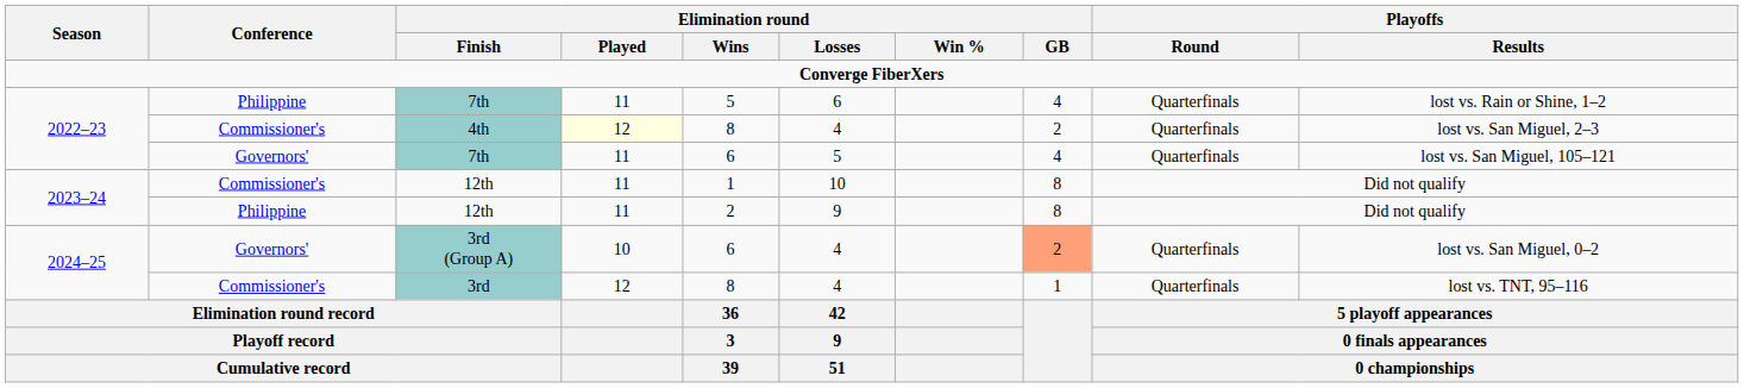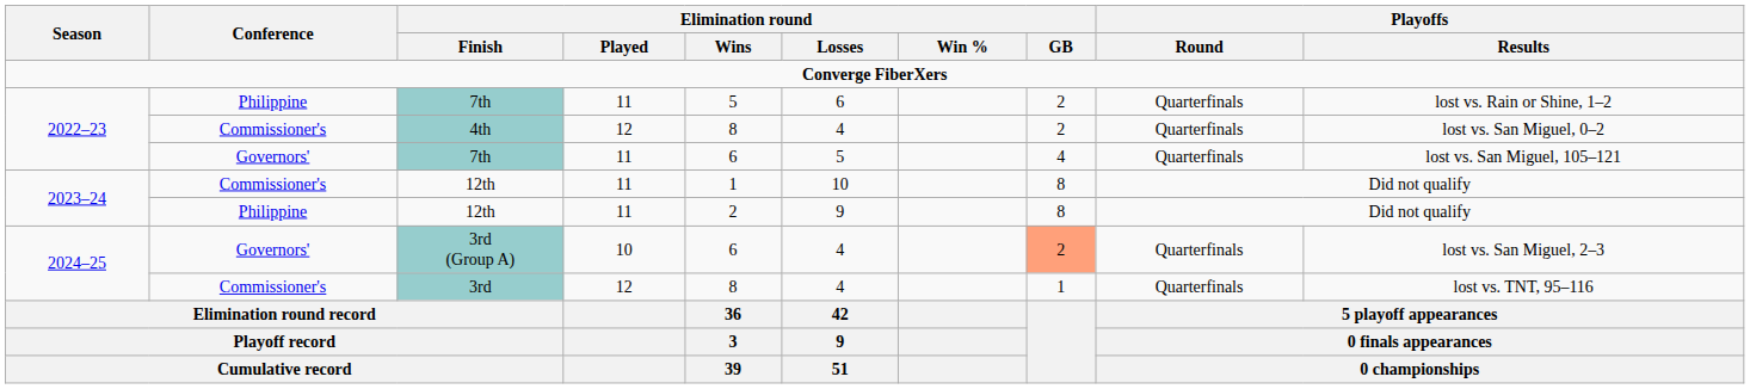 <table class="wikitable" style="width:100%; text-align:center; font-size:95%">
 <tr>
 <th rowspan=2>Season</th>
 <th rowspan=2>Conference</th>
 <th colspan=6>Elimination round</th>
 <th colspan=2>Playoffs</th>
 </tr>
 <tr>
 <th>Finish</th>
 <th>Played</th>
 <th>Wins</th>
 <th>Losses</th>
 <th>Win %</th>
 <th>GB</th>
 <th>Round</th>
 <th>Results</th>
 </tr>
 <tr>
 <td align="center" colspan="10"><strong>Converge FiberXers</strong></td>
 </tr>
 <tr>
 <td rowspan=3><a href='#'>2022–23</a> <br> </td>
 <td><a href='#'>Philippine</a></td>
 <td bgcolor="#96CDCD">7th</td>
 <td>11</td>
 <td>5</td>
 <td>6</td>
 <td></td>
-<td>4</td>
+<td>2</td>
 <td>Quarterfinals</td>
 <td>lost vs. Rain or Shine, 1–2</td>
 </tr>
 <tr>
 <td><a href='#'>Commissioner's</a></td>
 <td bgcolor="#96CDCD">4th</td>
-<td style="background: lightyellow;">12</td>
+<td>12</td>
 <td>8</td>
 <td>4</td>
 <td></td>
 <td>2</td>
 <td>Quarterfinals</td>
-<td>lost vs. San Miguel, 2–3</td>
+<td>lost vs. San Miguel, 0–2</td>
 </tr>
 <tr>
 <td><a href='#'>Governors'</a></td>
 <td bgcolor="#96CDCD">7th</td>
 <td>11</td>
 <td>6</td>
 <td>5</td>
 <td></td>
 <td>4</td>
 <td>Quarterfinals</td>
 <td>lost vs. San Miguel, 105–121</td>
 </tr>
 <tr>
 <td rowspan=2><a href='#'>2023–24</a> <br> </td>
 <td><a href='#'>Commissioner's</a></td>
 <td>12th</td>
 <td>11</td>
 <td>1</td>
 <td>10</td>
 <td></td>
 <td>8</td>
 <td colspan=2>Did not qualify</td>
 </tr>
 <tr>
 <td><a href='#'>Philippine</a></td>
 <td>12th</td>
 <td>11</td>
 <td>2</td>
 <td>9</td>
 <td></td>
 <td>8</td>
 <td colspan=2>Did not qualify</td>
 </tr>
 <tr>
 <td rowspan=2><a href='#'>2024–25</a> <br> </td>
 <td><a href='#'>Governors'</a></td>
 <td bgcolor="#96CDCD">3rd <br> (Group A)</td>
 <td>10</td>
 <td>6</td>
 <td>4</td>
 <td></td>
 <td style="background: lightsalmon;">2</td>
 <td>Quarterfinals</td>
-<td>lost vs. San Miguel, 0–2</td>
+<td>lost vs. San Miguel, 2–3</td>
 </tr>
 <tr>
 <td><a href='#'>Commissioner's</a></td>
 <td bgcolor="#96CDCD">3rd</td>
 <td>12</td>
 <td>8</td>
 <td>4</td>
 <td></td>
 <td>1</td>
 <td>Quarterfinals</td>
 <td>lost vs. TNT, 95–116</td>
 </tr>
 <tr>
 <th colspan=3>Elimination round record</th>
 <th></th>
 <th>36</th>
 <th>42</th>
 <th></th>
 <th rowspan=3></th>
 <th colspan=2>5 playoff appearances</th>
 </tr>
 <tr>
 <th colspan=3>Playoff record</th>
 <th></th>
 <th>3</th>
 <th>9</th>
 <th></th>
 <th colspan=2>0 finals appearances</th>
 </tr>
 <tr>
 <th colspan=3>Cumulative record</th>
 <th></th>
 <th>39</th>
 <th>51</th>
 <th></th>
 <th colspan=2>0 championships</th>
 </tr>
 </table>
